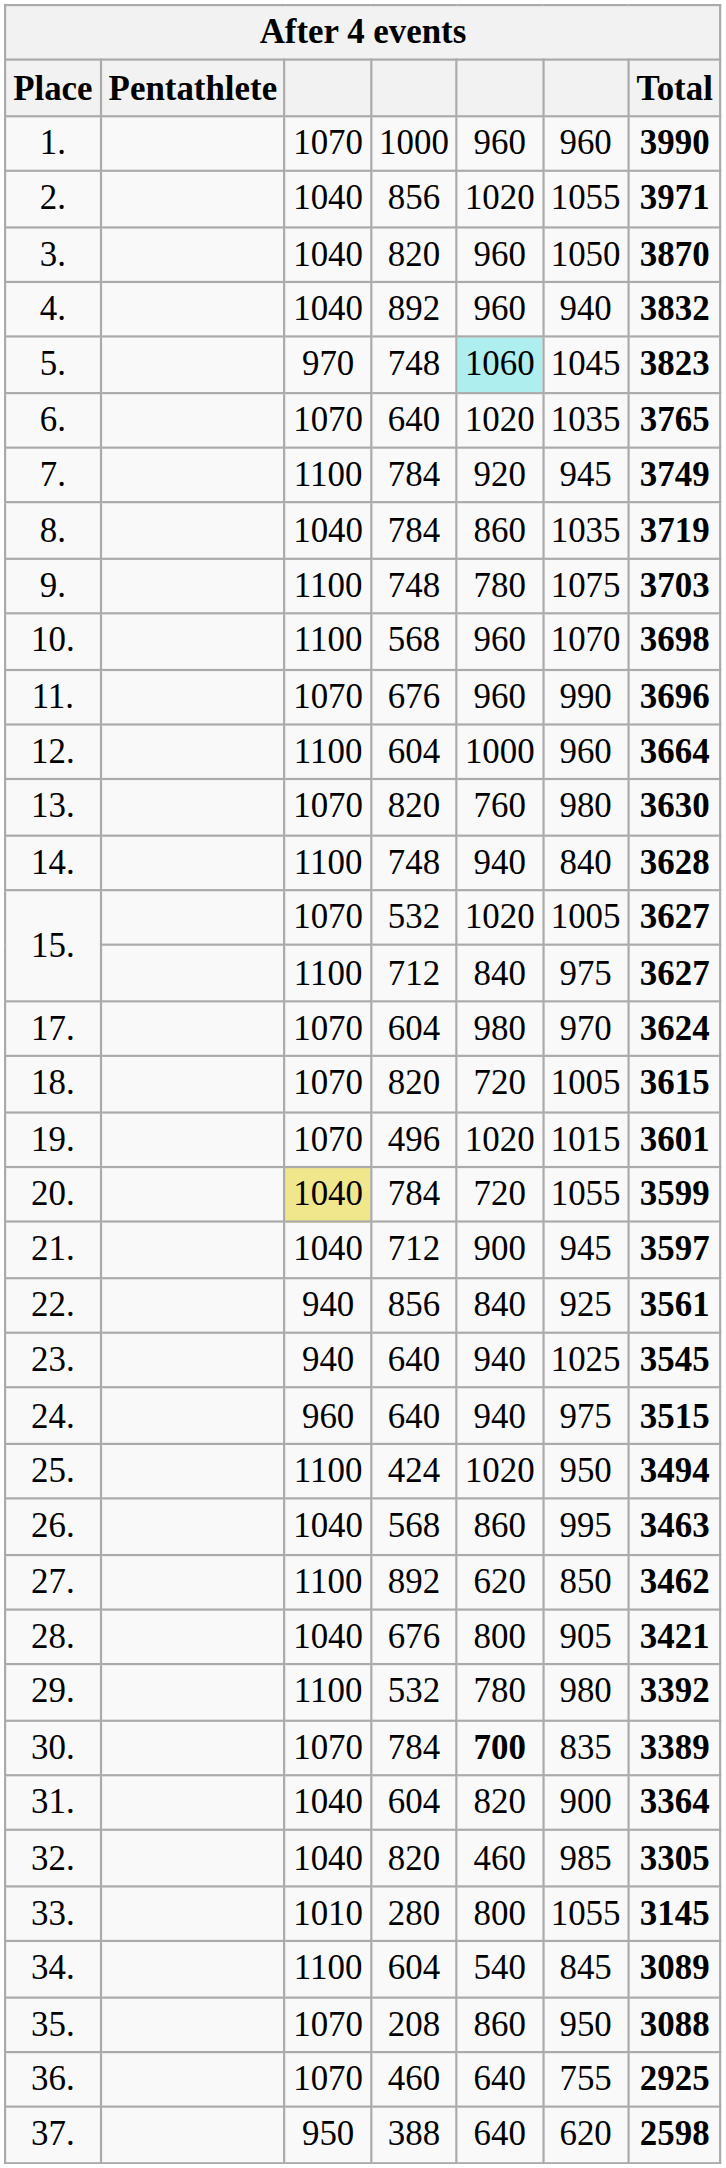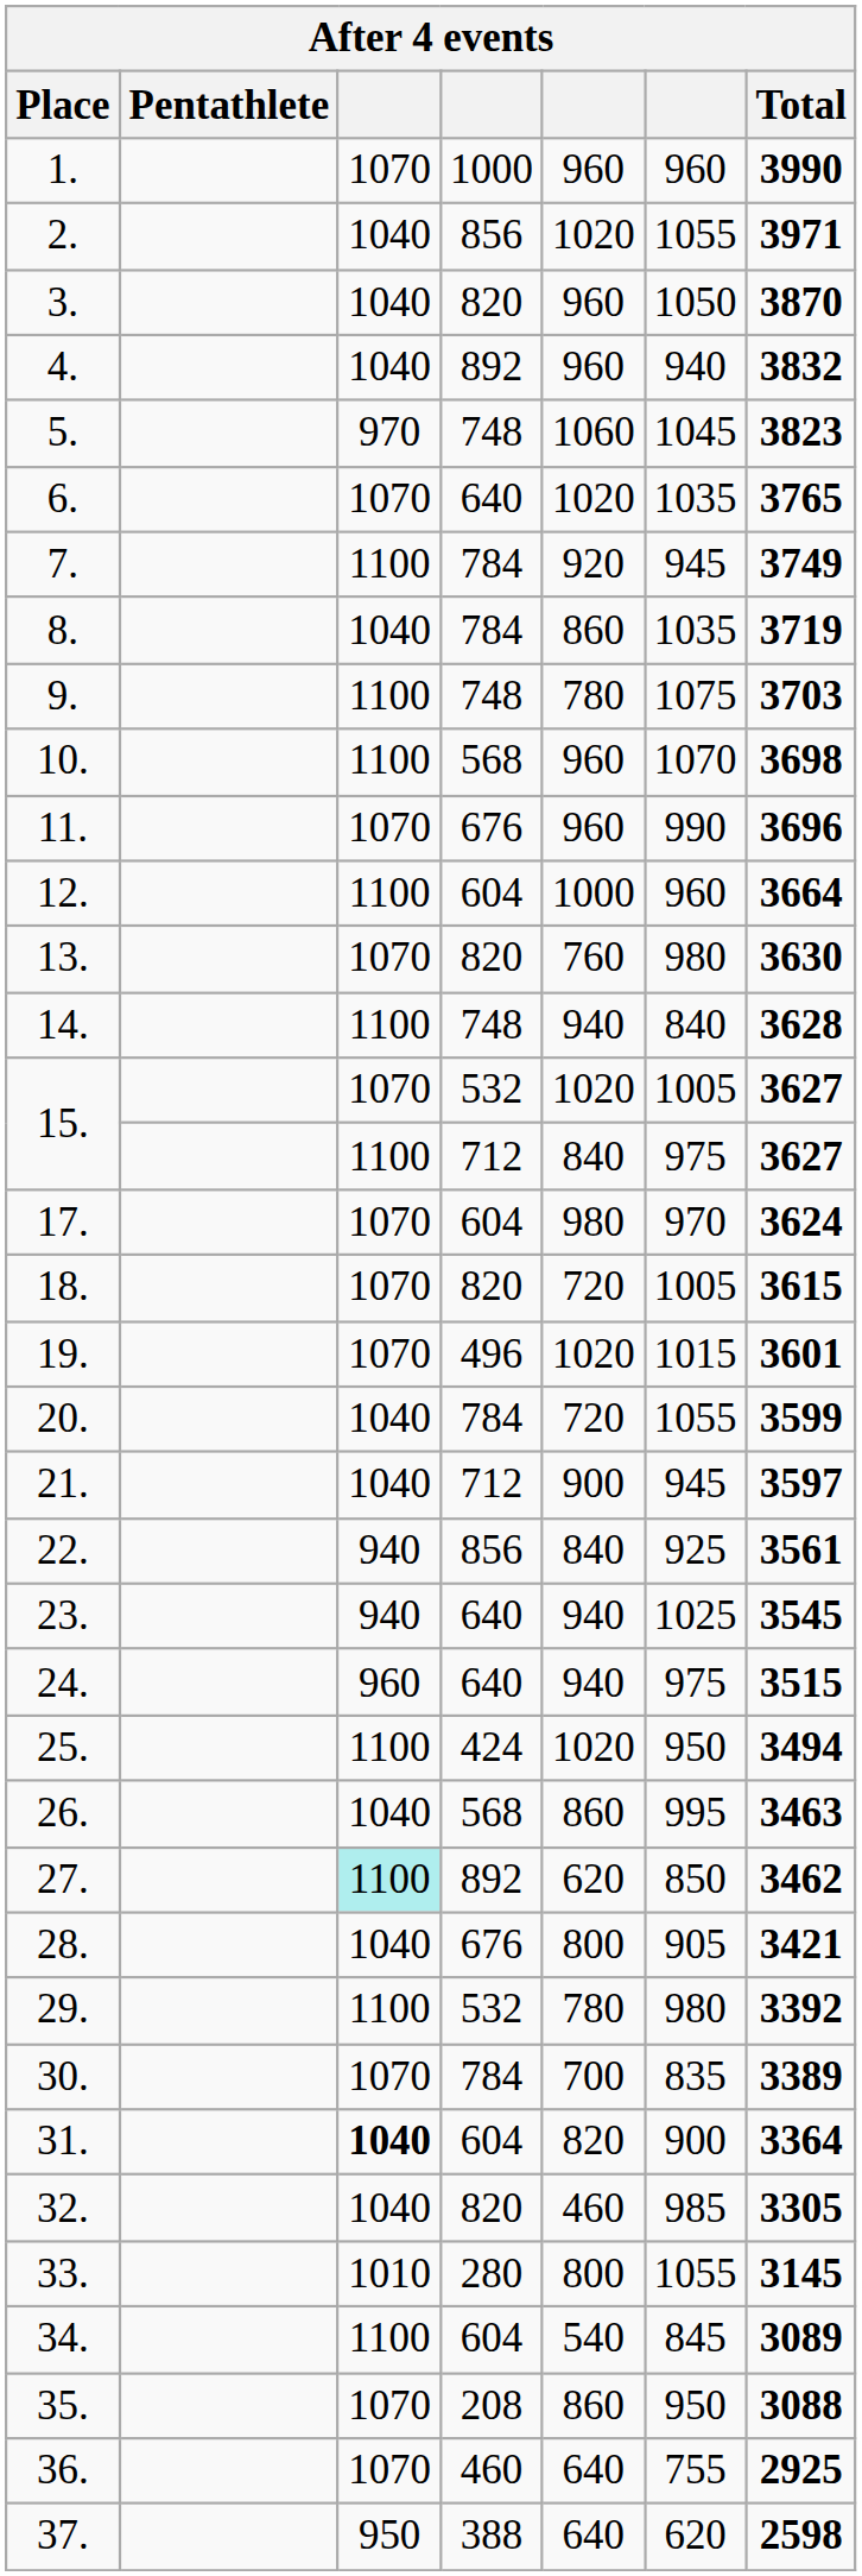 <table class=wikitable style="text-align:center">
 <tr>
 <th colspan=7>After 4 events</th>
 </tr>
 <tr>
 <th>Place</th>
 <th>Pentathlete</th>
 <th></th>
 <th></th>
 <th></th>
 <th></th>
 <th>Total</th>
 </tr>
 <tr>
 <td>1.</td>
 <td align=left></td>
 <td>1070</td>
 <td>1000</td>
 <td>960</td>
 <td>960</td>
 <td><strong>3990</strong></td>
 </tr>
 <tr>
 <td>2.</td>
 <td align=left></td>
 <td>1040</td>
 <td>856</td>
 <td>1020</td>
 <td>1055</td>
 <td><strong>3971</strong></td>
 </tr>
 <tr>
 <td>3.</td>
 <td align=left></td>
 <td>1040</td>
 <td>820</td>
 <td>960</td>
 <td>1050</td>
 <td><strong>3870</strong></td>
 </tr>
 <tr>
 <td>4.</td>
 <td align=left></td>
 <td>1040</td>
 <td>892</td>
 <td>960</td>
 <td>940</td>
 <td><strong>3832</strong></td>
 </tr>
 <tr>
 <td>5.</td>
 <td align=left></td>
 <td>970</td>
 <td>748</td>
-<td style="background: paleturquoise;">1060</td>
+<td>1060</td>
 <td>1045</td>
 <td><strong>3823</strong></td>
 </tr>
 <tr>
 <td>6.</td>
 <td align=left></td>
 <td>1070</td>
 <td>640</td>
 <td>1020</td>
 <td>1035</td>
 <td><strong>3765</strong></td>
 </tr>
 <tr>
 <td>7.</td>
 <td align=left></td>
 <td>1100</td>
 <td>784</td>
 <td>920</td>
 <td>945</td>
 <td><strong>3749</strong></td>
 </tr>
 <tr>
 <td>8.</td>
 <td align=left></td>
 <td>1040</td>
 <td>784</td>
 <td>860</td>
 <td>1035</td>
 <td><strong>3719</strong></td>
 </tr>
 <tr>
 <td>9.</td>
 <td align=left></td>
 <td>1100</td>
 <td>748</td>
 <td>780</td>
 <td>1075</td>
 <td><strong>3703</strong></td>
 </tr>
 <tr>
 <td>10.</td>
 <td align=left></td>
 <td>1100</td>
 <td>568</td>
 <td>960</td>
 <td>1070</td>
 <td><strong>3698</strong></td>
 </tr>
 <tr>
 <td>11.</td>
 <td align=left></td>
 <td>1070</td>
 <td>676</td>
 <td>960</td>
 <td>990</td>
 <td><strong>3696</strong></td>
 </tr>
 <tr>
 <td>12.</td>
 <td align=left></td>
 <td>1100</td>
 <td>604</td>
 <td>1000</td>
 <td>960</td>
 <td><strong>3664</strong></td>
 </tr>
 <tr>
 <td>13.</td>
 <td align=left></td>
 <td>1070</td>
 <td>820</td>
 <td>760</td>
 <td>980</td>
 <td><strong>3630</strong></td>
 </tr>
 <tr>
 <td>14.</td>
 <td align=left></td>
 <td>1100</td>
 <td>748</td>
 <td>940</td>
 <td>840</td>
 <td><strong>3628</strong></td>
 </tr>
 <tr>
 <td rowspan=2>15.</td>
 <td align=left></td>
 <td>1070</td>
 <td>532</td>
 <td>1020</td>
 <td>1005</td>
 <td><strong>3627</strong></td>
 </tr>
 <tr>
 <td align=left></td>
 <td>1100</td>
 <td>712</td>
 <td>840</td>
 <td>975</td>
 <td><strong>3627</strong></td>
 </tr>
 <tr>
 <td>17.</td>
 <td align=left></td>
 <td>1070</td>
 <td>604</td>
 <td>980</td>
 <td>970</td>
 <td><strong>3624</strong></td>
 </tr>
 <tr>
 <td>18.</td>
 <td align=left></td>
 <td>1070</td>
 <td>820</td>
 <td>720</td>
 <td>1005</td>
 <td><strong>3615</strong></td>
 </tr>
 <tr>
 <td>19.</td>
 <td align=left></td>
 <td>1070</td>
 <td>496</td>
 <td>1020</td>
 <td>1015</td>
 <td><strong>3601</strong></td>
 </tr>
 <tr>
 <td>20.</td>
 <td align=left></td>
-<td style="background: khaki;">1040</td>
+<td>1040</td>
 <td>784</td>
 <td>720</td>
 <td>1055</td>
 <td><strong>3599</strong></td>
 </tr>
 <tr>
 <td>21.</td>
 <td align=left></td>
 <td>1040</td>
 <td>712</td>
 <td>900</td>
 <td>945</td>
 <td><strong>3597</strong></td>
 </tr>
 <tr>
 <td>22.</td>
 <td align=left></td>
 <td>940</td>
 <td>856</td>
 <td>840</td>
 <td>925</td>
 <td><strong>3561</strong></td>
 </tr>
 <tr>
 <td>23.</td>
 <td align=left></td>
 <td>940</td>
 <td>640</td>
 <td>940</td>
 <td>1025</td>
 <td><strong>3545</strong></td>
 </tr>
 <tr>
 <td>24.</td>
 <td align=left></td>
 <td>960</td>
 <td>640</td>
 <td>940</td>
 <td>975</td>
 <td><strong>3515</strong></td>
 </tr>
 <tr>
 <td>25.</td>
 <td align=left></td>
 <td>1100</td>
 <td>424</td>
 <td>1020</td>
 <td>950</td>
 <td><strong>3494</strong></td>
 </tr>
 <tr>
 <td>26.</td>
 <td align=left></td>
 <td>1040</td>
 <td>568</td>
 <td>860</td>
 <td>995</td>
 <td><strong>3463</strong></td>
 </tr>
 <tr>
 <td>27.</td>
 <td align=left></td>
-<td>1100</td>
+<td style="background: paleturquoise;">1100</td>
 <td>892</td>
 <td>620</td>
 <td>850</td>
 <td><strong>3462</strong></td>
 </tr>
 <tr>
 <td>28.</td>
 <td align=left></td>
 <td>1040</td>
 <td>676</td>
 <td>800</td>
 <td>905</td>
 <td><strong>3421</strong></td>
 </tr>
 <tr>
 <td>29.</td>
 <td align=left></td>
 <td>1100</td>
 <td>532</td>
 <td>780</td>
 <td>980</td>
 <td><strong>3392</strong></td>
 </tr>
 <tr>
 <td>30.</td>
 <td align=left></td>
 <td>1070</td>
 <td>784</td>
-<td><strong>700</strong></td>
+<td>700</td>
 <td>835</td>
 <td><strong>3389</strong></td>
 </tr>
 <tr>
 <td>31.</td>
 <td align=left></td>
-<td>1040</td>
+<td><strong>1040</strong></td>
 <td>604</td>
 <td>820</td>
 <td>900</td>
 <td><strong>3364</strong></td>
 </tr>
 <tr>
 <td>32.</td>
 <td align=left></td>
 <td>1040</td>
 <td>820</td>
 <td>460</td>
 <td>985</td>
 <td><strong>3305</strong></td>
 </tr>
 <tr>
 <td>33.</td>
 <td align=left></td>
 <td>1010</td>
 <td>280</td>
 <td>800</td>
 <td>1055</td>
 <td><strong>3145</strong></td>
 </tr>
 <tr>
 <td>34.</td>
 <td align=left></td>
 <td>1100</td>
 <td>604</td>
 <td>540</td>
 <td>845</td>
 <td><strong>3089</strong></td>
 </tr>
 <tr>
 <td>35.</td>
 <td align=left></td>
 <td>1070</td>
 <td>208</td>
 <td>860</td>
 <td>950</td>
 <td><strong>3088</strong></td>
 </tr>
 <tr>
 <td>36.</td>
 <td align=left></td>
 <td>1070</td>
 <td>460</td>
 <td>640</td>
 <td>755</td>
 <td><strong>2925</strong></td>
 </tr>
 <tr>
 <td>37.</td>
 <td align=left></td>
 <td>950</td>
 <td>388</td>
 <td>640</td>
 <td>620</td>
 <td><strong>2598</strong></td>
 </tr>
 </table>
